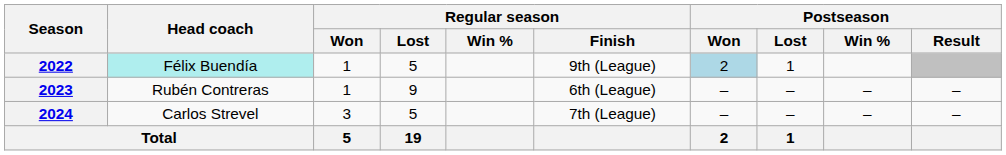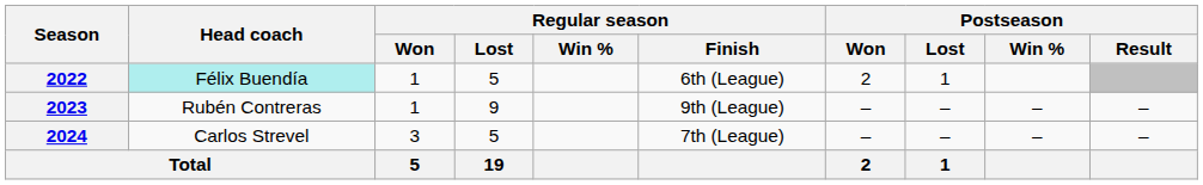 <table class="wikitable" style="font-size: 95%; text-align:center; width:65em">
 <tr>
 <th rowspan="2">Season</th>
 <th rowspan="2">Head coach</th>
 <th colspan="4">Regular season</th>
 <th colspan="4">Postseason</th>
 </tr>
 <tr>
 <th>Won</th>
 <th>Lost</th>
 <th>Win %</th>
 <th>Finish</th>
 <th>Won</th>
 <th>Lost</th>
 <th>Win %</th>
 <th>Result</th>
 </tr>
 <tr>
 <th><a href='#'>2022</a></th>
 <td style="background: paleturquoise;">Félix Buendía</td>
 <td>1</td>
 <td>5</td>
 <td></td>
-<td>9th (League)</td>
-<td style="background: lightblue;">2</td>
+<td>6th (League)</td>
+<td>2</td>
 <td>1</td>
 <td></td>
 <td bgcolor=silver></td>
 </tr>
 <tr>
 <th><a href='#'>2023</a></th>
 <td>Rubén Contreras</td>
 <td>1</td>
 <td>9</td>
 <td></td>
-<td>6th (League)</td>
+<td>9th (League)</td>
 <td>–</td>
 <td>–</td>
 <td>–</td>
 <td>–</td>
 </tr>
 <tr>
 <th><a href='#'>2024</a></th>
 <td>Carlos Strevel</td>
 <td>3</td>
 <td>5</td>
 <td></td>
 <td>7th (League)</td>
 <td>–</td>
 <td>–</td>
 <td>–</td>
 <td>–</td>
 </tr>
 <tr>
 <th colspan="2">Total</th>
 <th>5</th>
 <th>19</th>
 <th></th>
 <th></th>
 <th>2</th>
 <th>1</th>
 <th></th>
 <th></th>
 </tr>
 </table>
